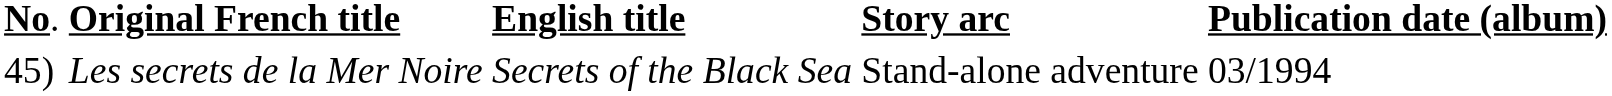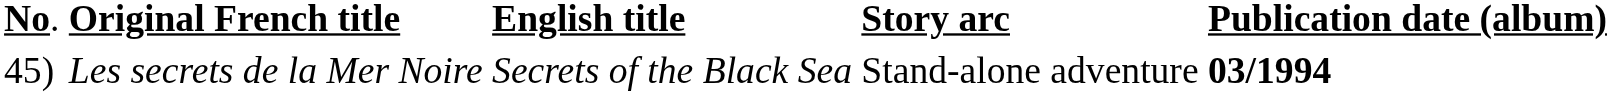 <table>
 <tr>
 <td><u><strong>No</strong></u>.</td>
 <td><u><strong>Original French title</strong></u></td>
 <td><u><strong>English title</strong></u></td>
 <td><u><strong>Story arc</strong></u></td>
 <td><u><strong>Publication date (album)</strong></u></td>
 </tr>
 <tr>
 <td>45)</td>
 <td><em>Les secrets de la Mer Noire</em></td>
 <td><em>Secrets of the Black Sea</em></td>
 <td>Stand-alone adventure</td>
-<td>03/1994</td>
+<td><strong>03/1994</strong></td>
 </tr>
 </table>
